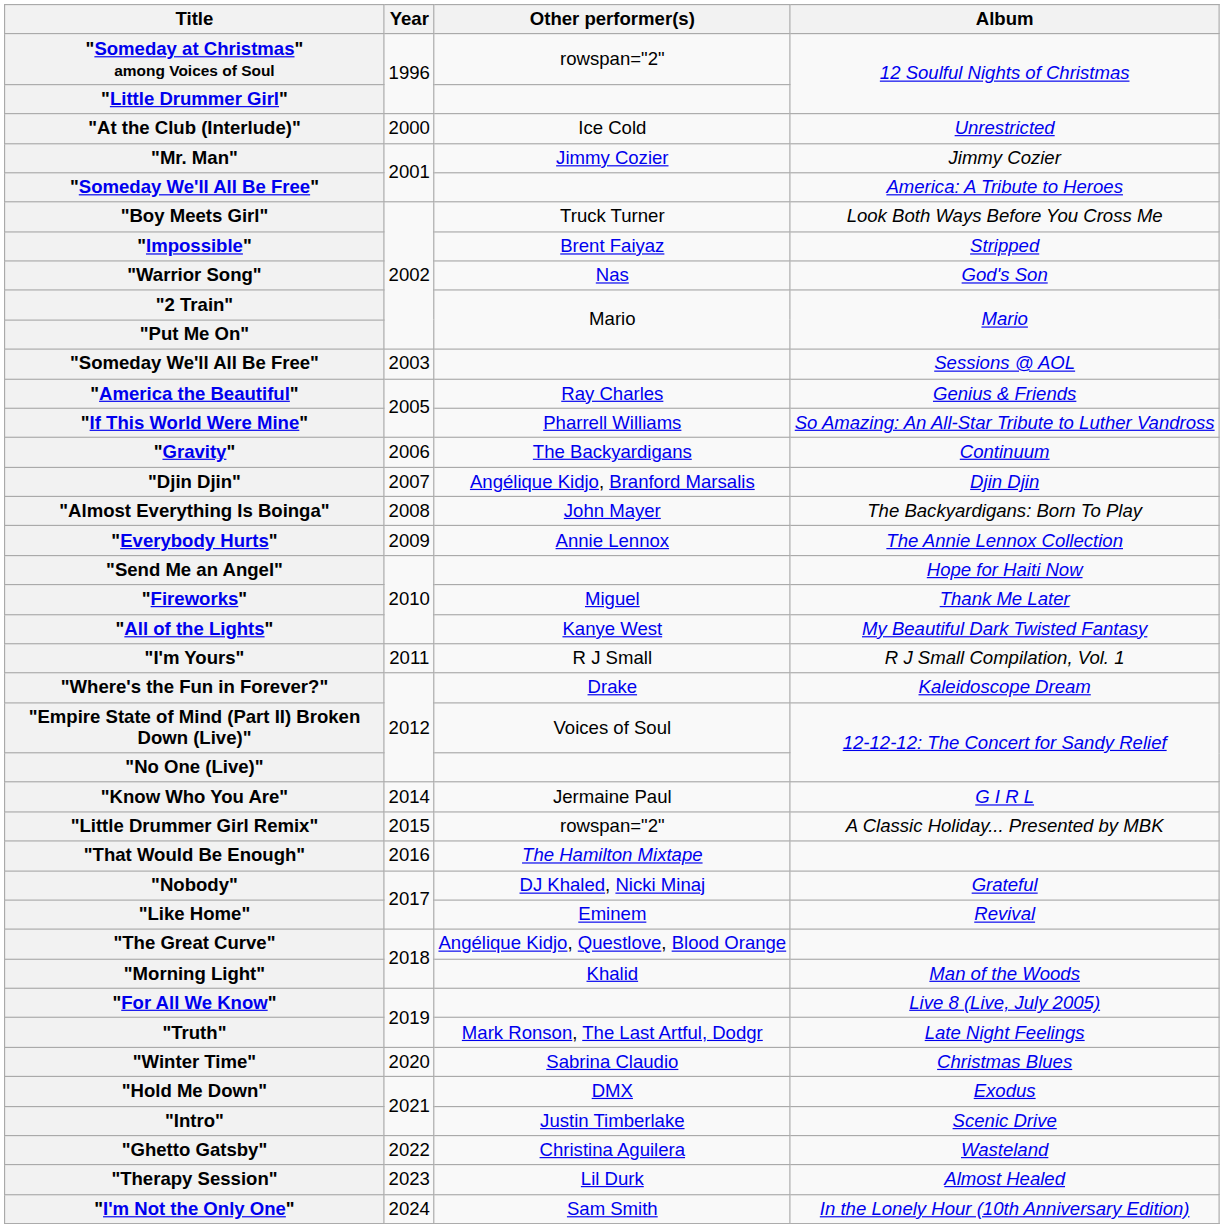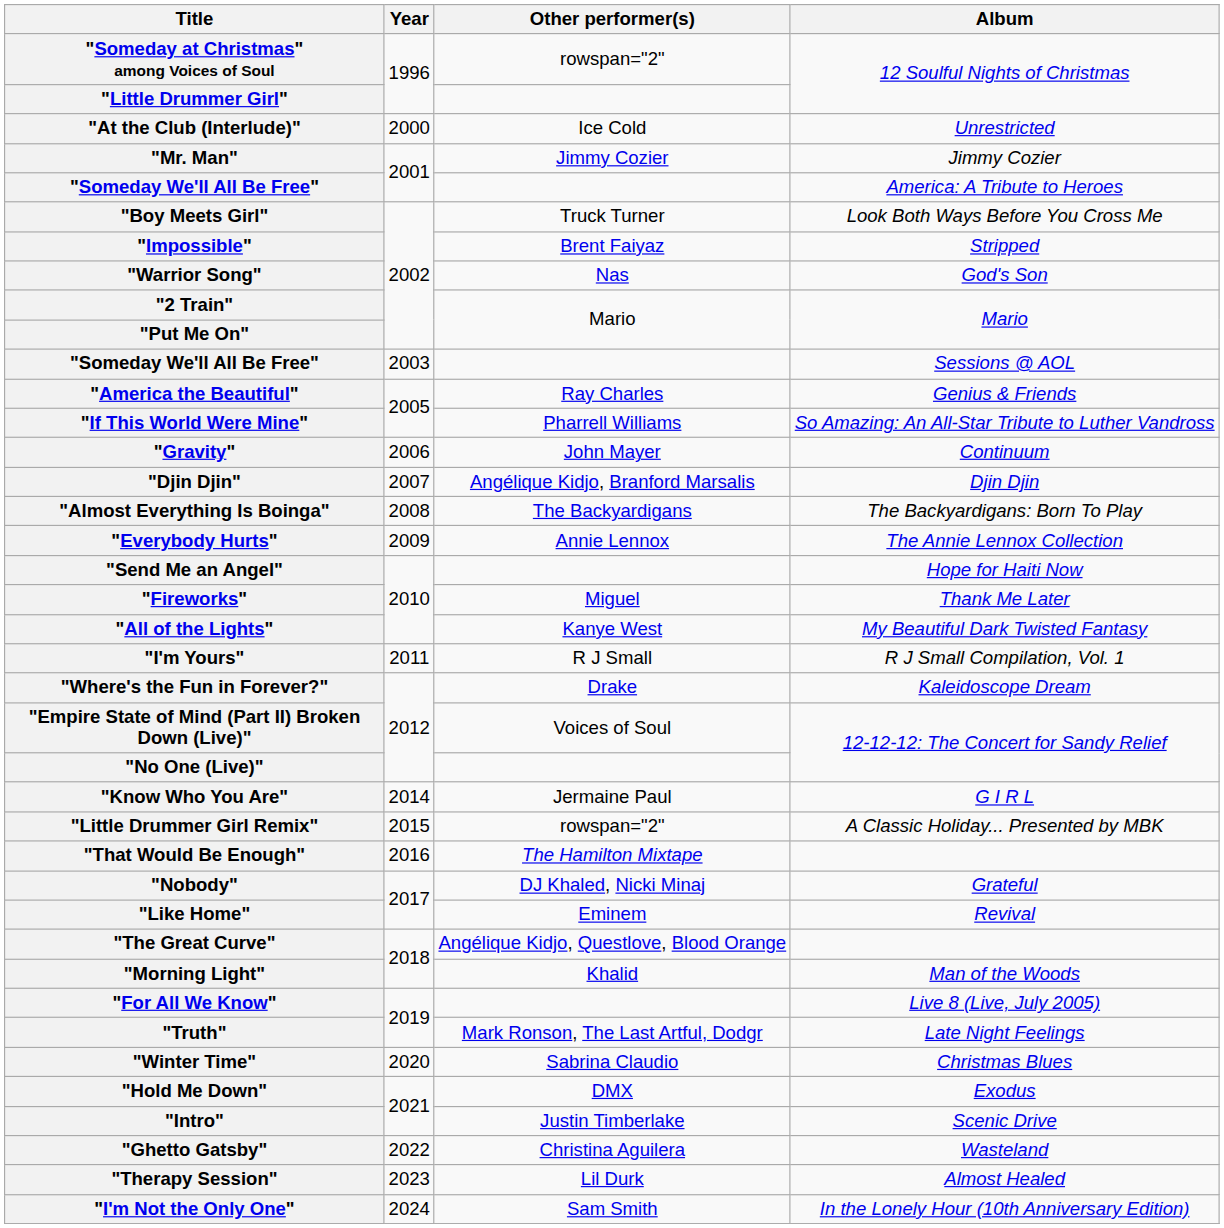 <table class="wikitable plainrowheaders" style="text-align:center;">
 <tr>
 <th scope="col" style="width:20em;">Title</th>
 <th scope="col">Year</th>
 <th scope="col">Other performer(s)</th>
 <th scope="col">Album</th>
 </tr>
 <tr>
 <th scope="row">"<a href='#'>Someday at Christmas</a>" <br><small>among Voices of Soul</small></th>
 <td rowspan="2">1996</td>
 <td>rowspan="2" </td>
 <td rowspan="2"><em><a href='#'>12 Soulful Nights of Christmas</a></em></td>
 </tr>
 <tr>
 <th scope="row">"<a href='#'>Little Drummer Girl</a>"</th>
 <td></td>
 </tr>
 <tr>
 <th scope="row">"At the Club (Interlude)"</th>
 <td>2000</td>
 <td>Ice Cold</td>
 <td><em><a href='#'>Unrestricted</a></em></td>
 </tr>
 <tr>
 <th scope="row">"Mr. Man"</th>
 <td rowspan="2">2001</td>
 <td><a href='#'>Jimmy Cozier</a></td>
 <td><em>Jimmy Cozier</em></td>
 </tr>
 <tr>
 <th scope="row">"<a href='#'>Someday We'll All Be Free</a>"</th>
 <td></td>
 <td><em><a href='#'>America: A Tribute to Heroes</a></em></td>
 </tr>
 <tr>
 <th scope="row">"Boy Meets Girl"</th>
 <td rowspan="5">2002</td>
 <td>Truck Turner</td>
 <td><em>Look Both Ways Before You Cross Me</em></td>
 </tr>
 <tr>
 <th scope="row">"<a href='#'>Impossible</a>"</th>
 <td><a href='#'>Brent Faiyaz</a></td>
 <td><em><a href='#'>Stripped</a></em></td>
 </tr>
 <tr>
 <th scope="row">"Warrior Song"</th>
 <td><a href='#'>Nas</a></td>
 <td><em><a href='#'>God's Son</a></em></td>
 </tr>
 <tr>
 <th scope="row">"2 Train"</th>
 <td rowspan="2">Mario</td>
 <td rowspan="2"><em><a href='#'>Mario</a></em></td>
 </tr>
 <tr>
 <th scope="row">"Put Me On"</th>
 </tr>
 <tr>
 <th scope="row">"Someday We'll All Be Free"</th>
 <td>2003</td>
 <td></td>
 <td><em><a href='#'>Sessions @ AOL</a></em></td>
 </tr>
 <tr>
 <th scope="row">"<a href='#'>America the Beautiful</a>"</th>
 <td rowspan="2">2005</td>
 <td><a href='#'>Ray Charles</a></td>
 <td><em><a href='#'>Genius & Friends</a></em></td>
 </tr>
 <tr>
 <th scope="row">"<a href='#'>If This World Were Mine</a>"</th>
 <td><a href='#'>Pharrell Williams</a></td>
 <td><em><a href='#'>So Amazing: An All-Star Tribute to Luther Vandross</a></em></td>
 </tr>
 <tr>
 <th scope="row">"<a href='#'>Gravity</a>"</th>
 <td>2006</td>
-<td><a href='#'>The Backyardigans</a></td>
+<td><a href='#'>John Mayer</a></td>
 <td><em><a href='#'>Continuum</a></em></td>
 </tr>
 <tr>
 <th scope="row">"Djin Djin"</th>
 <td>2007</td>
 <td><a href='#'>Angélique Kidjo</a>, <a href='#'>Branford Marsalis</a></td>
 <td><em><a href='#'>Djin Djin</a></em></td>
 </tr>
 <tr>
 <th scope="row">"Almost Everything Is Boinga"</th>
 <td>2008</td>
-<td><a href='#'>John Mayer</a></td>
+<td><a href='#'>The Backyardigans</a></td>
 <td><em>The Backyardigans: Born To Play</em></td>
 </tr>
 <tr>
 <th scope="row">"<a href='#'>Everybody Hurts</a>"</th>
 <td>2009</td>
 <td><a href='#'>Annie Lennox</a></td>
 <td><em><a href='#'>The Annie Lennox Collection</a></em></td>
 </tr>
 <tr>
 <th scope="row">"Send Me an Angel"</th>
 <td rowspan="3">2010</td>
 <td></td>
 <td><em><a href='#'>Hope for Haiti Now</a></em></td>
 </tr>
 <tr>
 <th scope="row">"<a href='#'>Fireworks</a>"</th>
 <td><a href='#'>Miguel</a></td>
 <td><em><a href='#'>Thank Me Later</a></em></td>
 </tr>
 <tr>
 <th scope="row">"<a href='#'>All of the Lights</a>"</th>
 <td><a href='#'>Kanye West</a></td>
 <td><em><a href='#'>My Beautiful Dark Twisted Fantasy</a></em></td>
 </tr>
 <tr>
 <th scope="row">"I'm Yours"</th>
 <td rowspan="1">2011</td>
 <td>R J Small</td>
 <td><em>R J Small Compilation, Vol. 1</em></td>
 </tr>
 <tr>
 <th scope="row">"Where's the Fun in Forever?"</th>
 <td rowspan="3">2012</td>
 <td><a href='#'>Drake</a></td>
 <td><em><a href='#'>Kaleidoscope Dream</a></em></td>
 </tr>
 <tr>
 <th scope="row">"Empire State of Mind (Part II) Broken Down (Live)"</th>
 <td>Voices of Soul</td>
 <td rowspan="2"><em><a href='#'>12-12-12: The Concert for Sandy Relief</a></em></td>
 </tr>
 <tr>
 <th scope="row">"No One (Live)"</th>
 </tr>
 <tr>
 <th scope="row">"Know Who You Are"</th>
 <td>2014</td>
 <td>Jermaine Paul</td>
 <td><em><a href='#'>G I R L</a></em></td>
 </tr>
 <tr>
 <th scope="row">"Little Drummer Girl Remix"</th>
 <td>2015</td>
 <td>rowspan="2" </td>
 <td><em>A Classic Holiday... Presented by MBK</em></td>
 </tr>
 <tr>
 <th scope="row">"That Would Be Enough"</th>
 <td>2016</td>
 <td><em><a href='#'>The Hamilton Mixtape</a></em></td>
 </tr>
 <tr>
 <th scope="row">"Nobody"</th>
 <td rowspan="2">2017</td>
 <td><a href='#'>DJ Khaled</a>, <a href='#'>Nicki Minaj</a></td>
 <td><em><a href='#'>Grateful</a></em></td>
 </tr>
 <tr>
 <th scope="row">"Like Home"</th>
 <td><a href='#'>Eminem</a></td>
 <td><em><a href='#'>Revival</a></em></td>
 </tr>
 <tr>
 <th scope="row">"The Great Curve"</th>
 <td rowspan="2">2018</td>
 <td><a href='#'>Angélique Kidjo</a>, <a href='#'>Questlove</a>, <a href='#'>Blood Orange</a></td>
 <td></td>
 </tr>
 <tr>
 <th scope="row">"Morning Light"</th>
 <td><a href='#'>Khalid</a></td>
 <td><em><a href='#'>Man of the Woods</a></em></td>
 </tr>
 <tr>
 <th scope="row">"<a href='#'>For All We Know</a>"</th>
 <td rowspan="2">2019</td>
 <td></td>
 <td><em><a href='#'>Live 8 (Live, July 2005)</a></em></td>
 </tr>
 <tr>
 <th scope="row">"Truth"</th>
 <td><a href='#'>Mark Ronson</a>, <a href='#'>The Last Artful, Dodgr</a></td>
 <td><em><a href='#'>Late Night Feelings</a></em></td>
 </tr>
 <tr>
 <th scope="row">"Winter Time"</th>
 <td rowspan="1">2020</td>
 <td><a href='#'>Sabrina Claudio</a></td>
 <td><em><a href='#'>Christmas Blues</a></em></td>
 </tr>
 <tr>
 <th scope="row">"Hold Me Down"</th>
 <td rowspan="2">2021</td>
 <td><a href='#'>DMX</a></td>
 <td><em><a href='#'>Exodus</a></em></td>
 </tr>
 <tr>
 <th scope="row">"Intro"</th>
 <td><a href='#'>Justin Timberlake</a></td>
 <td><em><a href='#'>Scenic Drive</a></em></td>
 </tr>
 <tr>
 <th scope="row">"Ghetto Gatsby"</th>
 <td rowspan="1">2022</td>
 <td><a href='#'>Christina Aguilera</a></td>
 <td><em><a href='#'>Wasteland</a></em></td>
 </tr>
 <tr>
 <th scope="row">"Therapy Session"</th>
 <td>2023</td>
 <td><a href='#'>Lil Durk</a></td>
 <td><em><a href='#'>Almost Healed</a></em></td>
 </tr>
 <tr>
 <th scope="row">"<a href='#'>I'm Not the Only One</a>"</th>
 <td>2024</td>
 <td><a href='#'>Sam Smith</a></td>
 <td><em><a href='#'>In the Lonely Hour (10th Anniversary Edition)</a></em></td>
 </tr>
 <tr>
 </tr>
 </table>
